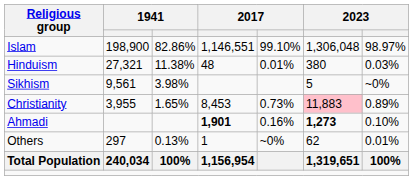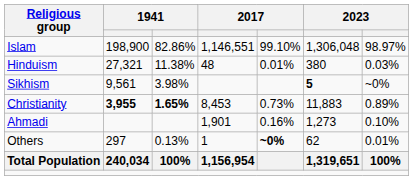 <table class="wikitable sortable">
 <tr>
 <th rowspan="2"><a href='#'>Religious</a><br>group</th>
 <th colspan="2">1941</th>
 <th colspan="2">2017</th>
 <th colspan="2">2023</th>
 </tr>
 <tr>
 <th><a href='#'></a></th>
 <th></th>
 <th></th>
 <th></th>
 <th></th>
 <th></th>
 </tr>
 <tr>
 <td><a href='#'>Islam</a> </td>
 <td>198,900</td>
 <td>82.86%</td>
 <td>1,146,551</td>
 <td>99.10%</td>
 <td>1,306,048</td>
 <td>98.97%</td>
 </tr>
 <tr>
 <td><a href='#'>Hinduism</a> </td>
 <td>27,321</td>
 <td>11.38%</td>
 <td>48</td>
 <td>0.01%</td>
 <td>380</td>
 <td>0.03%</td>
 </tr>
 <tr>
 <td><a href='#'>Sikhism</a> </td>
 <td>9,561</td>
 <td>3.98%</td>
 <td></td>
 <td></td>
-<td>5</td>
+<td><strong>5</strong></td>
 <td>~0%</td>
 </tr>
 <tr>
 <td><a href='#'>Christianity</a> </td>
-<td>3,955</td>
-<td>1.65%</td>
+<td><strong>3,955</strong></td>
+<td><strong>1.65%</strong></td>
 <td>8,453</td>
 <td>0.73%</td>
-<td style="background: pink;">11,883</td>
+<td>11,883</td>
 <td>0.89%</td>
 </tr>
 <tr>
 <td><a href='#'>Ahmadi</a></td>
 <td></td>
 <td></td>
-<td><strong>1,901</strong></td>
+<td>1,901</td>
 <td>0.16%</td>
-<td><strong>1,273</strong></td>
+<td>1,273</td>
 <td>0.10%</td>
 </tr>
 <tr>
 <td>Others</td>
 <td>297</td>
 <td>0.13%</td>
 <td>1</td>
-<td>~0%</td>
+<td><strong>~0%</strong></td>
 <td>62</td>
 <td>0.01%</td>
 </tr>
 <tr>
 <th>Total Population</th>
 <th>240,034</th>
 <th>100%</th>
 <th>1,156,954</th>
 <th></th>
 <th>1,319,651</th>
 <th>100%</th>
 </tr>
 <tr class="sortbottom">
 <td colspan="7"></td>
 </tr>
 </table>
